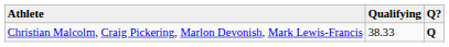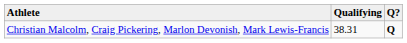 <table class="wikitable">
 <tr>
 <td !align="center" bgcolor="efefef"><strong>Athlete</strong></td>
 <td !align="center" bgcolor="efefef"><strong>Qualifying</strong></td>
 <td !align="center" bgcolor="efefef"><strong>Q?</strong></td>
 </tr>
 <tr>
 <td><a href='#'>Christian Malcolm</a>, <a href='#'>Craig Pickering</a>, <a href='#'>Marlon Devonish</a>, <a href='#'>Mark Lewis-Francis</a></td>
-<td>38.33</td>
+<td>38.31</td>
 <td><strong>Q</strong></td>
 </tr>
 </table>
